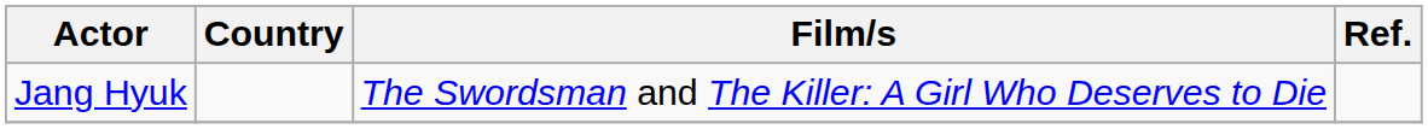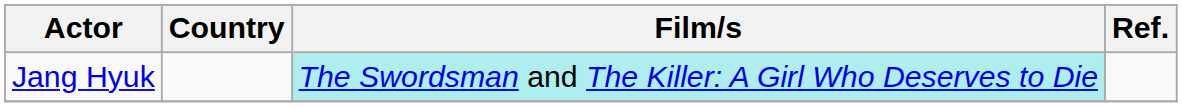 <table class="wikitable">
 <tr>
 <th>Actor</th>
 <th>Country</th>
 <th>Film/s</th>
 <th>Ref.</th>
 </tr>
 <tr>
 <td><a href='#'>Jang Hyuk</a></td>
 <td></td>
-<td><em><a href='#'>The Swordsman</a></em> and <em><a href='#'>The Killer: A Girl Who Deserves to Die</a></em></td>
+<td style="background: paleturquoise;"><em><a href='#'>The Swordsman</a></em> and <em><a href='#'>The Killer: A Girl Who Deserves to Die</a></em></td>
 <td></td>
 </tr>
 <tr>
 </tr>
 </table>
